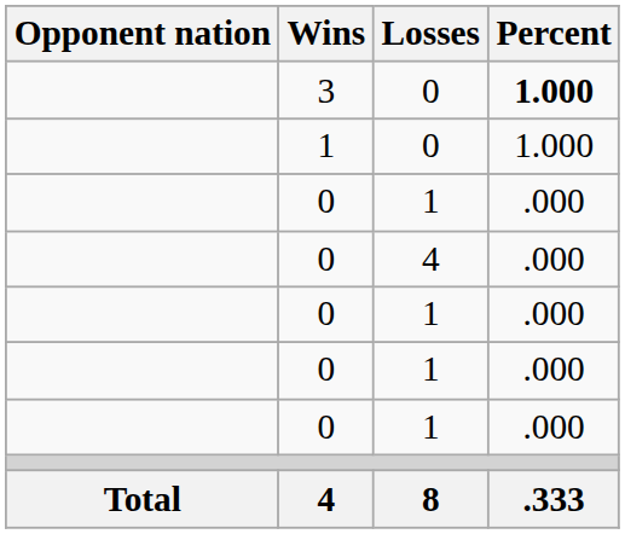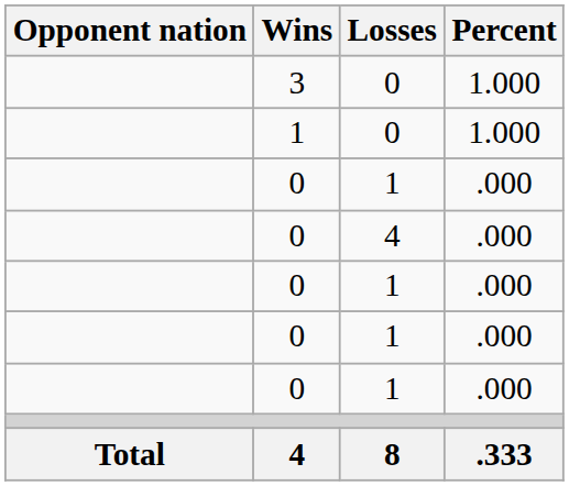 <table class=wikitable>
 <tr>
 <th>Opponent nation</th>
 <th>Wins</th>
 <th>Losses</th>
 <th>Percent</th>
 </tr>
 <tr align=center>
 <td align=left></td>
 <td>3</td>
 <td>0</td>
-<td><strong>1.000</strong></td>
+<td>1.000</td>
 </tr>
 <tr align=center>
 <td align=left></td>
 <td>1</td>
 <td>0</td>
 <td>1.000</td>
 </tr>
 <tr align=center>
 <td align=left></td>
 <td>0</td>
 <td>1</td>
 <td>.000</td>
 </tr>
 <tr align=center>
 <td align=left></td>
 <td>0</td>
 <td>4</td>
 <td>.000</td>
 </tr>
 <tr align=center>
 <td align=left></td>
 <td>0</td>
 <td>1</td>
 <td>.000</td>
 </tr>
 <tr align=center>
 <td align=left></td>
 <td>0</td>
 <td>1</td>
 <td>.000</td>
 </tr>
 <tr align=center>
 <td align=left></td>
 <td>0</td>
 <td>1</td>
 <td>.000</td>
 </tr>
 <tr>
 <td colspan=4 bgcolor=lightgray></td>
 </tr>
 <tr>
 <th>Total</th>
 <th>4</th>
 <th>8</th>
 <th>.333</th>
 </tr>
 </table>
